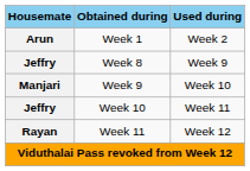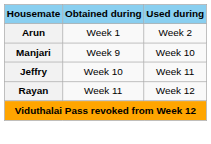 <table class="wikitable" style="text-align:center; font-size:85%; font-family: sans-serif; line-height:20px;">
 <tr>
 <th style="background:#89CFF0">Housemate</th>
 <th style="background:#89CFF0">Obtained during</th>
 <th style="background:#89CFF0">Used during</th>
 </tr>
 <tr>
 <th>Arun</th>
 <td>Week 1</td>
 <td>Week 2</td>
-</tr>
-<tr>
-<th>Jeffry</th>
-<td>Week 8</td>
-<td>Week 9</td>
 </tr>
 <tr>
 <th>Manjari</th>
 <td>Week 9</td>
 <td>Week 10</td>
 </tr>
 <tr>
 <th>Jeffry</th>
 <td>Week 10</td>
 <td>Week 11</td>
 </tr>
 <tr>
 <th>Rayan</th>
 <td>Week 11</td>
 <td>Week 12</td>
 </tr>
 <tr>
 <th colspan="3" style="background:orange";><strong>Viduthalai Pass revoked from Week 12</strong></th>
 </tr>
 </table>
